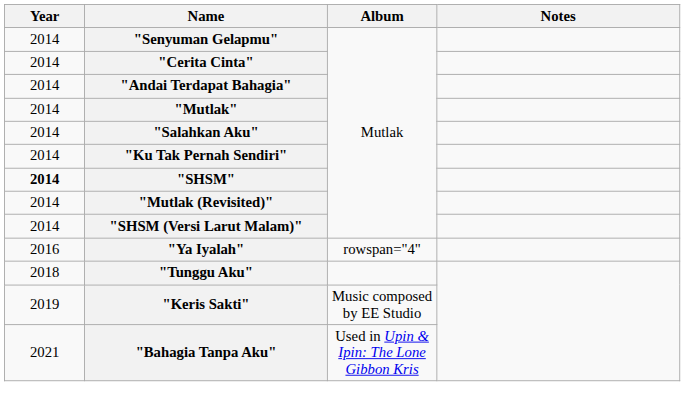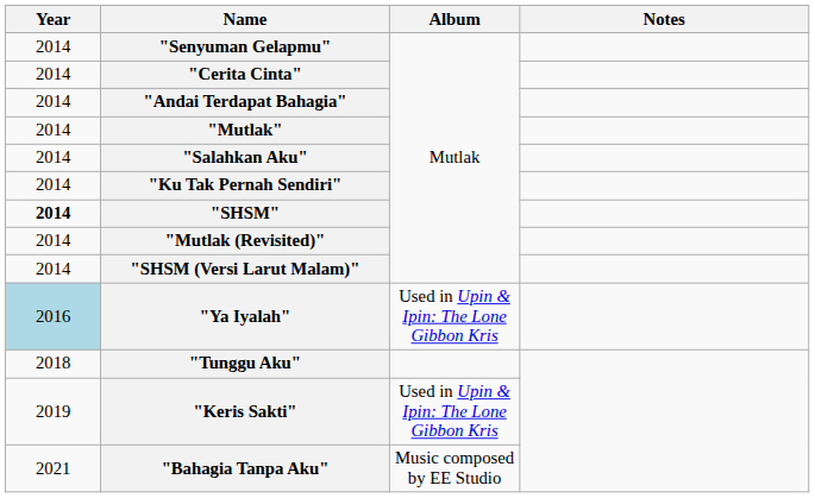 <table class="wikitable plainrowheaders" style="text-align:center;" border="1">
 <tr>
 <th scope="col" style="width:5em;">Year</th>
 <th scope="col" style="width:16em;">Name</th>
 <th scope="col" style="width:7em;">Album</th>
 <th scope="col" style="width:16em;">Notes</th>
 </tr>
 <tr>
 <td rowspan="1" style="text-align:center;">2014</td>
 <th scope="row">"Senyuman Gelapmu"</th>
 <td rowspan="9">Mutlak</td>
 <td></td>
 </tr>
 <tr>
 <td rowspan="1" style="text-align:center;">2014</td>
 <th scope="row">"Cerita Cinta"</th>
 <td></td>
 </tr>
 <tr>
 <td rowspan="1" style="text-align:center;">2014</td>
 <th scope="row">"Andai Terdapat Bahagia"</th>
 <td></td>
 </tr>
 <tr>
 <td rowspan="1" style="text-align:center;">2014</td>
 <th scope="row">"Mutlak"</th>
 <td></td>
 </tr>
 <tr>
 <td rowspan="1" style="text-align:center;">2014</td>
 <th scope="row">"Salahkan Aku"</th>
 <td></td>
 </tr>
 <tr>
 <td rowspan="1" style="text-align:center;">2014</td>
 <th scope="row">"Ku Tak Pernah Sendiri"</th>
 <td></td>
 </tr>
 <tr>
 <td rowspan="1" style="text-align:center;"><strong>2014</strong></td>
 <th scope="row">"SHSM"</th>
 <td></td>
 </tr>
 <tr>
 <td rowspan="1" style="text-align:center;">2014</td>
 <th scope="row">"Mutlak (Revisited)"</th>
 <td></td>
 </tr>
 <tr>
 <td rowspan="1" style="text-align:center;">2014</td>
 <th scope="row">"SHSM (Versi Larut Malam)"</th>
 <td></td>
 </tr>
 <tr>
-<td rowspan="1" style="text-align:center;">2016</td>
+<td rowspan="1" style="background: lightblue; text-align:center;">2016</td>
 <th scope="row">"Ya Iyalah"</th>
-<td>rowspan="4" </td>
+<td>Used in <em><a href='#'>Upin & Ipin: The Lone Gibbon Kris</a></em></td>
 <td></td>
 </tr>
 <tr>
 <td rowspan="1" style="text-align:center;">2018</td>
 <th scope="row">"Tunggu Aku"</th>
 <td></td>
 </tr>
 <tr>
 <td rowspan="1" style="text-align:center;">2019</td>
 <th scope="row">"Keris Sakti"</th>
-<td>Music composed by EE Studio</td>
+<td>Used in <em><a href='#'>Upin & Ipin: The Lone Gibbon Kris</a></em></td>
 </tr>
 <tr>
 <td rowspan="1" style="text-align:center;">2021</td>
 <th scope="row">"Bahagia Tanpa Aku"</th>
-<td>Used in <em><a href='#'>Upin & Ipin: The Lone Gibbon Kris</a></em></td>
+<td>Music composed by EE Studio</td>
 </tr>
 </table>
